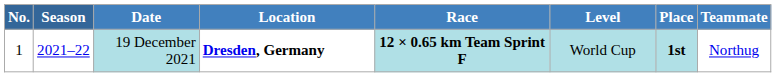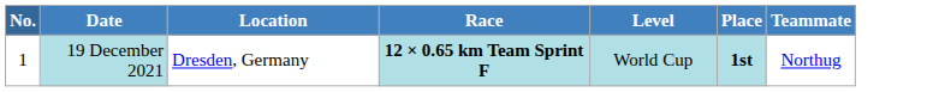 <table class="wikitable sortable" style="font-size:95%; text-align:center; border:grey solid 1px; border-collapse:collapse; background:#ffffff;">
 <tr style="background:#efefef;">
 <th style="background-color:#369; color:white;">No.</th>
-<th style="background-color:#369; color:white;">Season</th>
 <th style="background-color:#4180be; color:white; width:100px;">Date</th>
 <th style="background-color:#4180be; color:white; width:170px;">Location</th>
 <th style="background-color:#4180be; color:white; width:170px;">Race</th>
 <th style="background-color:#4180be; color:white; width:100px;">Level</th>
 <th style="background-color:#4180be; color:white;">Place</th>
 <th style="background-color:#4180be; color:white;">Teammate</th>
 </tr>
 <tr>
 <td align=center>1</td>
-<td rowspan=1 align=center><a href='#'>2021–22</a></td>
 <td bgcolor="#BOEOE6" align=right>19 December 2021</td>
-<td align=left><strong> <a href='#'>Dresden</a>, Germany</strong></td>
+<td align=left> <a href='#'>Dresden</a>, Germany</td>
 <td bgcolor="#BOEOE6"><strong>12 × 0.65 km Team Sprint F</strong></td>
 <td bgcolor="#BOEOE6">World Cup</td>
 <td bgcolor="#BOEOE6"><strong>1st</strong></td>
 <td><a href='#'>Northug</a></td>
 </tr>
 </table>
